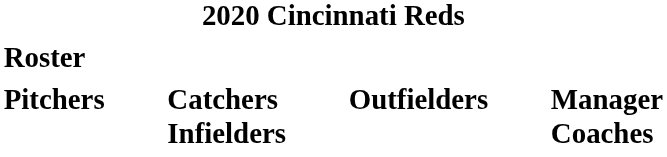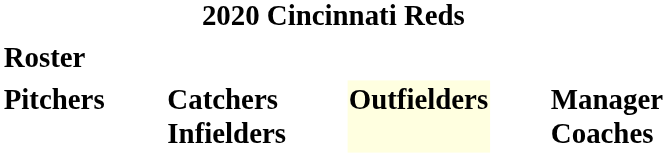 <table class="toccolours" style="font-size: 95%;">
 <tr>
 <th colspan="10">2020 Cincinnati Reds</th>
 </tr>
 <tr>
 <td colspan="10"><strong>Roster</strong></td>
 </tr>
 <tr>
 <td valign="top"><strong>Pitchers</strong><br>                     </td>
 <td width="25px"></td>
 <td valign="top"><strong>Catchers</strong><br>   <strong>Infielders</strong>         </td>
 <td width="25px"></td>
-<td valign="top"><strong>Outfielders</strong><br>        </td>
+<td valign="top" style="background: lightyellow;"><strong>Outfielders</strong><br>        </td>
 <td width="25px"></td>
 <td valign="top"><strong>Manager</strong><br> <strong>Coaches</strong>                          </td>
 </tr>
 </table>
